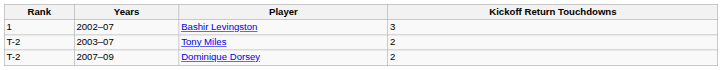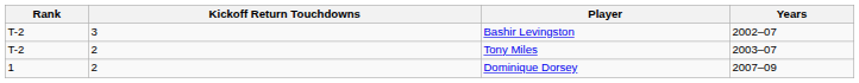 <table class="wikitable" style="width:60%;">
 <tr>
 <th>Rank</th>
+<th>Kickoff Return Touchdowns</th>
+<th>Player</th>
 <th>Years</th>
-<th>Player</th>
-<th>Kickoff Return Touchdowns</th>
+</tr>
+<tr>
+<td>T-2</td>
+<td>3</td>
+<td><a href='#'>Bashir Levingston</a></td>
+<td>2002–07</td>
+</tr>
+<tr>
+<td>T-2</td>
+<td>2</td>
+<td><a href='#'>Tony Miles</a></td>
+<td>2003–07</td>
 </tr>
 <tr>
 <td>1</td>
-<td>2002–07</td>
-<td><a href='#'>Bashir Levingston</a></td>
-<td>3</td>
-</tr>
-<tr>
-<td>T-2</td>
-<td>2003–07</td>
-<td><a href='#'>Tony Miles</a></td>
 <td>2</td>
-</tr>
-<tr>
-<td>T-2</td>
+<td><a href='#'>Dominique Dorsey</a></td>
 <td>2007–09</td>
-<td><a href='#'>Dominique Dorsey</a></td>
-<td>2</td>
 </tr>
 </table>
